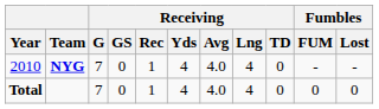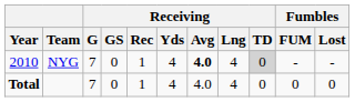 <table class="wikitable">
 <tr>
 <th colspan="2"></th>
 <th colspan="7">Receiving</th>
 <th colspan="2">Fumbles</th>
 </tr>
 <tr>
 <th>Year</th>
 <th>Team</th>
 <th>G</th>
 <th>GS</th>
 <th>Rec</th>
 <th>Yds</th>
 <th>Avg</th>
 <th>Lng</th>
 <th>TD</th>
 <th>FUM</th>
 <th>Lost</th>
 </tr>
 <tr style="text-align:center;">
 <td><a href='#'>2010</a></td>
-<td><strong><a href='#'>NYG</a></strong></td>
+<td><a href='#'>NYG</a></td>
 <td>7</td>
 <td>0</td>
 <td>1</td>
 <td>4</td>
-<td>4.0</td>
+<td><strong>4.0</strong></td>
 <td>4</td>
-<td>0</td>
+<td style="background: lightgrey;">0</td>
 <td>-</td>
 <td>-</td>
 </tr>
 <tr style="text-align:center;">
 <td><strong>Total</strong></td>
 <td></td>
 <td>7</td>
 <td>0</td>
 <td>1</td>
 <td>4</td>
 <td>4.0</td>
 <td>4</td>
 <td>0</td>
 <td>0</td>
 <td>0</td>
 </tr>
 </table>
